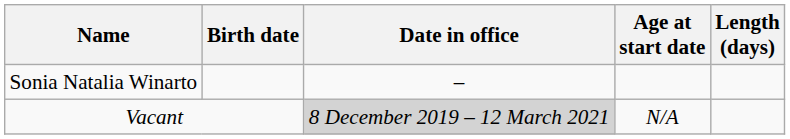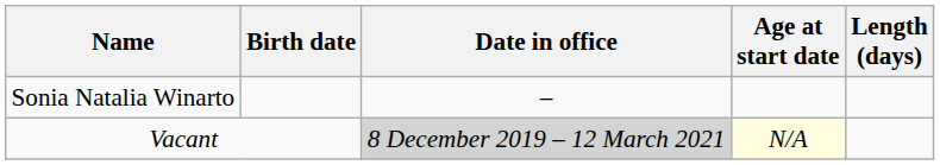 <table class="wikitable sortable" style="font-size:95%;">
 <tr>
 <th>Name</th>
 <th>Birth date</th>
 <th>Date in office</th>
 <th>Age at<br>start date</th>
 <th>Length<br>(days)</th>
 </tr>
 <tr>
 <td>Sonia Natalia Winarto</td>
 <td style="text-align:left;"></td>
 <td style="text-align:center;"> – </td>
 <td style="text-align:center;"></td>
 <td></td>
 </tr>
 <tr>
 <td colspan="2" style="text-align:center;"><em>Vacant</em></td>
 <td style="background: lightgrey; text-align:center;"><em>8 December 2019 – 12 March 2021</em></td>
-<td style="text-align:center;"><em>N/A</em></td>
+<td style="background: lightyellow; text-align:center;"><em>N/A</em></td>
 <td><em></em></td>
 </tr>
 </table>
